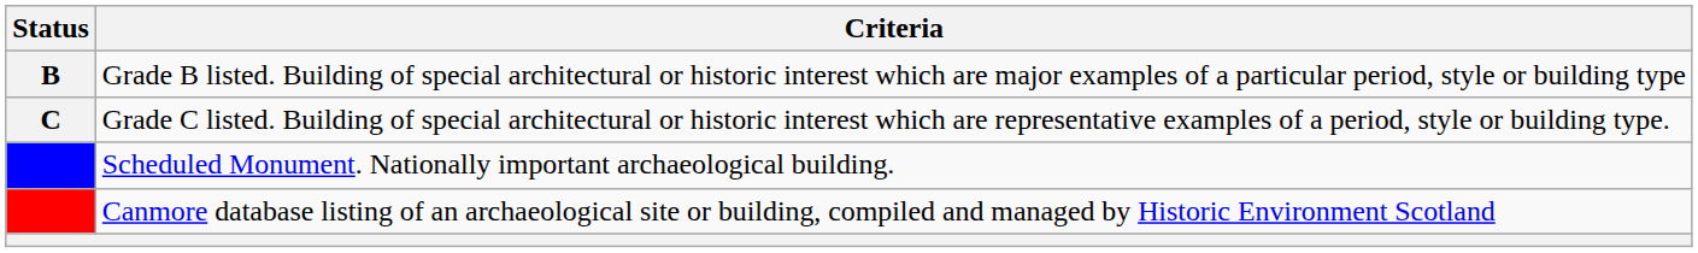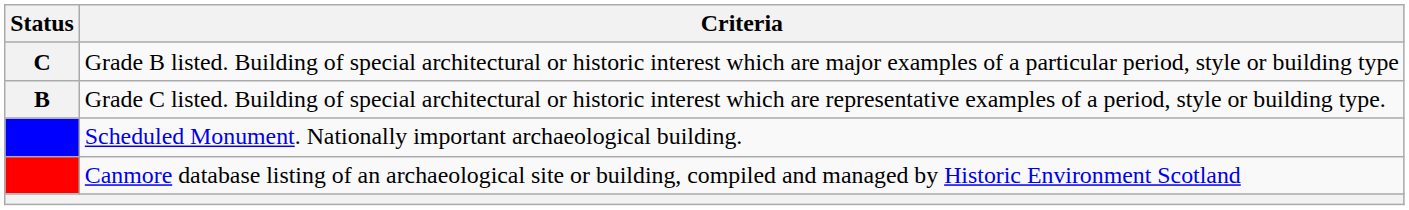 <table class="wikitable">
 <tr>
 <th scope="col">Status</th>
 <th scope="col">Criteria</th>
 </tr>
 <tr>
-<th scope="row" >B</th>
+<th scope="row" >C</th>
 <td>Grade B listed. Building of special architectural or historic interest which are major examples of a particular period, style or building type</td>
 </tr>
 <tr>
-<th scope="row" >C</th>
+<th scope="row" >B</th>
 <td>Grade C listed. Building of special architectural or historic interest which are representative examples of a period, style or building type.</td>
 </tr>
 <tr>
 <td bgcolor= blue style="color: white"></td>
 <td><a href='#'>Scheduled Monument</a>. Nationally important archaeological building.</td>
 </tr>
 <tr>
 <td bgcolor= ff0000 style="color: white"></td>
 <td><a href='#'>Canmore</a> database listing of an archaeological site or building, compiled and managed by <a href='#'>Historic Environment Scotland</a></td>
 </tr>
 <tr>
 <th colspan=2></th>
 </tr>
 </table>
